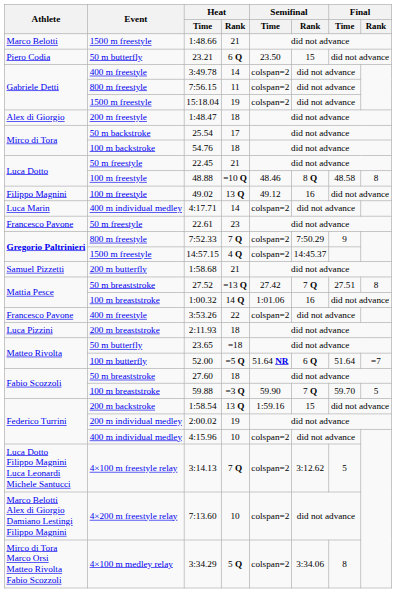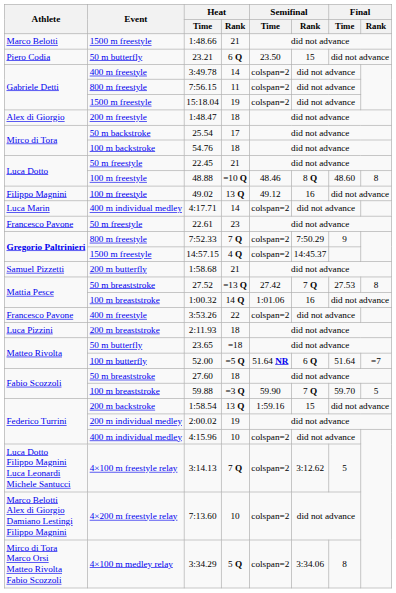 <table class=wikitable style="font-size:90%">
 <tr>
 <th rowspan="2">Athlete</th>
 <th rowspan="2">Event</th>
 <th colspan="2">Heat</th>
 <th colspan="2">Semifinal</th>
 <th colspan="2">Final</th>
 </tr>
 <tr style="font-size:95%">
 <th>Time</th>
 <th>Rank</th>
 <th>Time</th>
 <th>Rank</th>
 <th>Time</th>
 <th>Rank</th>
 </tr>
 <tr align=center>
 <td align=left><a href='#'>Marco Belotti</a></td>
 <td align=left><a href='#'>1500 m freestyle</a></td>
 <td>1:48.66</td>
 <td>21</td>
 <td colspan=4>did not advance</td>
 </tr>
 <tr align=center>
 <td align=left><a href='#'>Piero Codia</a></td>
 <td align=left><a href='#'>50 m butterfly</a></td>
 <td>23.21</td>
 <td>6 <strong>Q</strong></td>
 <td>23.50</td>
 <td>15</td>
 <td colspan=2>did not advance</td>
 </tr>
 <tr align=center>
 <td align=left rowspan=3><a href='#'>Gabriele Detti</a></td>
 <td align=left><a href='#'>400 m freestyle</a></td>
 <td>3:49.78</td>
 <td>14</td>
 <td>colspan=2 </td>
 <td colspan=2>did not advance</td>
 </tr>
 <tr align=center>
 <td align=left><a href='#'>800 m freestyle</a></td>
 <td>7:56.15</td>
 <td>11</td>
 <td>colspan=2 </td>
 <td colspan=2>did not advance</td>
 </tr>
 <tr align=center>
 <td align=left><a href='#'>1500 m freestyle</a></td>
 <td>15:18.04</td>
 <td>19</td>
 <td>colspan=2 </td>
 <td colspan=2>did not advance</td>
 </tr>
 <tr align=center>
 <td align=left><a href='#'>Alex di Giorgio</a></td>
 <td align=left><a href='#'>200 m freestyle</a></td>
 <td>1:48.47</td>
 <td>18</td>
 <td colspan=4>did not advance</td>
 </tr>
 <tr align=center>
 <td align=left rowspan=2><a href='#'>Mirco di Tora</a></td>
 <td align=left><a href='#'>50 m backstroke</a></td>
 <td>25.54</td>
 <td>17</td>
 <td colspan=4>did not advance</td>
 </tr>
 <tr align=center>
 <td align=left><a href='#'>100 m backstroke</a></td>
 <td>54.76</td>
 <td>18</td>
 <td colspan=4>did not advance</td>
 </tr>
 <tr align=center>
 <td align=left rowspan=2><a href='#'>Luca Dotto</a></td>
 <td align=left><a href='#'>50 m freestyle</a></td>
 <td>22.45</td>
 <td>21</td>
 <td colspan=4>did not advance</td>
 </tr>
 <tr align=center>
 <td align=left><a href='#'>100 m freestyle</a></td>
 <td>48.88</td>
 <td>=10 <strong>Q</strong></td>
 <td>48.46</td>
 <td>8 <strong>Q</strong></td>
-<td>48.58</td>
+<td>48.60</td>
 <td>8</td>
 </tr>
 <tr align=center>
 <td align=left><a href='#'>Filippo Magnini</a></td>
 <td align=left><a href='#'>100 m freestyle</a></td>
 <td>49.02</td>
 <td>13 <strong>Q</strong></td>
 <td>49.12</td>
 <td>16</td>
 <td colspan=2>did not advance</td>
 </tr>
 <tr align=center>
 <td align=left><a href='#'>Luca Marin</a></td>
 <td align=left><a href='#'>400 m individual medley</a></td>
 <td>4:17.71</td>
 <td>14</td>
 <td>colspan=2 </td>
 <td colspan=2>did not advance</td>
 </tr>
 <tr align=center>
 <td align=left><a href='#'>Francesco Pavone</a></td>
 <td align=left><a href='#'>50 m freestyle</a></td>
 <td>22.61</td>
 <td>23</td>
 <td colspan=4>did not advance</td>
 </tr>
 <tr align=center>
 <td align=left rowspan=2><strong><a href='#'>Gregorio Paltrinieri</a></strong></td>
 <td align=left><a href='#'>800 m freestyle</a></td>
 <td>7:52.33</td>
 <td>7 <strong>Q</strong></td>
 <td>colspan=2 </td>
 <td>7:50.29</td>
 <td>9</td>
 </tr>
 <tr align=center>
 <td align=left><a href='#'>1500 m freestyle</a></td>
 <td>14:57.15</td>
 <td>4 <strong>Q</strong></td>
 <td>colspan=2 </td>
 <td>14:45.37</td>
 <td></td>
 </tr>
 <tr align=center>
 <td align=left><a href='#'>Samuel Pizzetti</a></td>
 <td align=left><a href='#'>200 m butterfly</a></td>
 <td>1:58.68</td>
 <td>21</td>
 <td colspan=4>did not advance</td>
 </tr>
 <tr align=center>
 <td align=left rowspan=2><a href='#'>Mattia Pesce</a></td>
 <td align=left><a href='#'>50 m breaststroke</a></td>
 <td>27.52</td>
 <td>=13 <strong>Q</strong></td>
 <td>27.42</td>
 <td>7 <strong>Q</strong></td>
-<td>27.51</td>
+<td>27.53</td>
 <td>8</td>
 </tr>
 <tr align=center>
 <td align=left><a href='#'>100 m breaststroke</a></td>
 <td>1:00.32</td>
 <td>14 <strong>Q</strong></td>
 <td>1:01.06</td>
 <td>16</td>
 <td colspan=2>did not advance</td>
 </tr>
 <tr align=center>
 <td align=left><a href='#'>Francesco Pavone</a></td>
 <td align=left><a href='#'>400 m freestyle</a></td>
 <td>3:53.26</td>
 <td>22</td>
 <td>colspan=2 </td>
 <td colspan=2>did not advance</td>
 </tr>
 <tr align=center>
 <td align=left><a href='#'>Luca Pizzini</a></td>
 <td align=left><a href='#'>200 m breaststroke</a></td>
 <td>2:11.93</td>
 <td>18</td>
 <td colspan=4>did not advance</td>
 </tr>
 <tr align=center>
 <td align=left rowspan=2><a href='#'>Matteo Rivolta</a></td>
 <td align=left><a href='#'>50 m butterfly</a></td>
 <td>23.65</td>
 <td>=18</td>
 <td colspan=4>did not advance</td>
 </tr>
 <tr align=center>
 <td align=left><a href='#'>100 m butterfly</a></td>
 <td>52.00</td>
 <td>=5 <strong>Q</strong></td>
 <td>51.64 <strong><a href='#'>NR</a></strong></td>
 <td>6 <strong>Q</strong></td>
 <td>51.64</td>
 <td>=7</td>
 </tr>
 <tr align=center>
 <td align=left rowspan=2><a href='#'>Fabio Scozzoli</a></td>
 <td align=left><a href='#'>50 m breaststroke</a></td>
 <td>27.60</td>
 <td>18</td>
 <td colspan=4>did not advance</td>
 </tr>
 <tr align=center>
 <td align=left><a href='#'>100 m breaststroke</a></td>
 <td>59.88</td>
 <td>=3 <strong>Q</strong></td>
 <td>59.90</td>
 <td>7 <strong>Q</strong></td>
 <td>59.70</td>
 <td>5</td>
 </tr>
 <tr align=center>
 <td align=left rowspan=3><a href='#'>Federico Turrini</a></td>
 <td align=left><a href='#'>200 m backstroke</a></td>
 <td>1:58.54</td>
 <td>13 <strong>Q</strong></td>
 <td>1:59.16</td>
 <td>15</td>
 <td colspan=2>did not advance</td>
 </tr>
 <tr align=center>
 <td align=left><a href='#'>200 m individual medley</a></td>
 <td>2:00.02</td>
 <td>19</td>
 <td colspan=4>did not advance</td>
 </tr>
 <tr align=center>
 <td align=left><a href='#'>400 m individual medley</a></td>
 <td>4:15.96</td>
 <td>10</td>
 <td>colspan=2 </td>
 <td colspan=2>did not advance</td>
 </tr>
 <tr align=center>
 <td align=left><a href='#'>Luca Dotto</a><br><a href='#'>Filippo Magnini</a><br><a href='#'>Luca Leonardi</a><br><a href='#'>Michele Santucci</a></td>
 <td align=left><a href='#'>4×100 m freestyle relay</a></td>
 <td>3:14.13</td>
 <td>7 <strong>Q</strong></td>
 <td>colspan=2 </td>
 <td>3:12.62</td>
 <td>5</td>
 </tr>
 <tr align=center>
 <td align=left><a href='#'>Marco Belotti</a><br><a href='#'>Alex di Giorgio</a><br><a href='#'>Damiano Lestingi</a><br><a href='#'>Filippo Magnini</a></td>
 <td align=left><a href='#'>4×200 m freestyle relay</a></td>
 <td>7:13.60</td>
 <td>10</td>
 <td>colspan=2 </td>
 <td colspan=2>did not advance</td>
 </tr>
 <tr align=center>
 <td align=left><a href='#'>Mirco di Tora</a><br><a href='#'>Marco Orsi</a><br><a href='#'>Matteo Rivolta</a><br><a href='#'>Fabio Scozzoli</a></td>
 <td align=left><a href='#'>4×100 m medley relay</a></td>
 <td>3:34.29</td>
 <td>5 <strong>Q</strong></td>
 <td>colspan=2 </td>
 <td>3:34.06</td>
 <td>8</td>
 </tr>
 </table>
